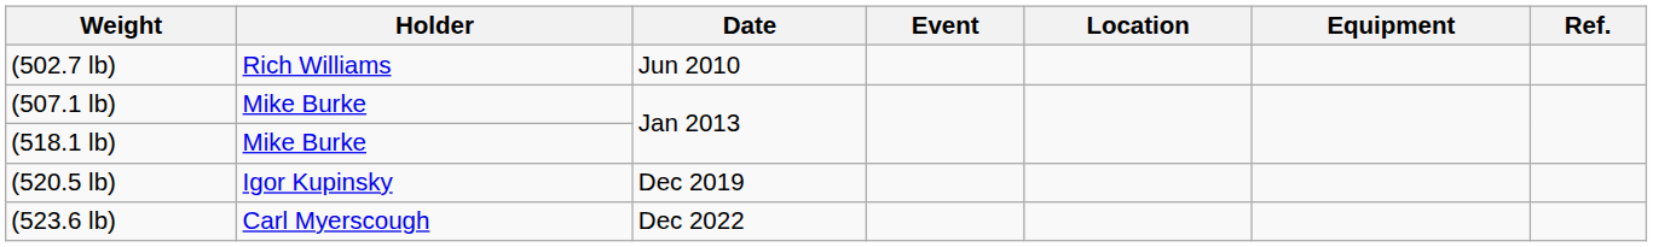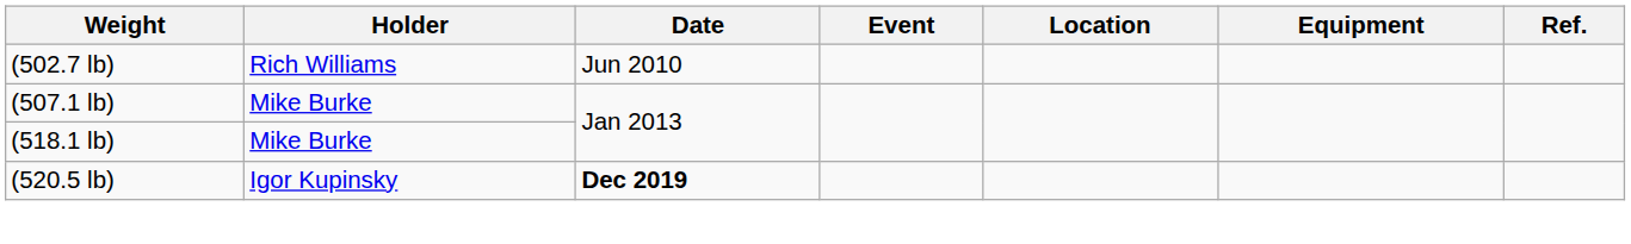 <table class="wikitable sortable" style="display: inline-table;width: 120%;">
 <tr>
 <th scope="col">Weight</th>
 <th scope="col">Holder</th>
 <th scope="col" class="unsortable">Date</th>
 <th scope="col" class="unsortable">Event</th>
 <th scope="col">Location</th>
 <th scope="col" class="unsortable">Equipment</th>
 <th scope="col" class="unsortable">Ref.</th>
 </tr>
 <tr>
 <td> (502.7 lb)</td>
 <td> <a href='#'>Rich Williams</a></td>
 <td>Jun 2010</td>
 <td></td>
 <td></td>
 <td></td>
 <td></td>
 </tr>
 <tr>
 <td> (507.1 lb)</td>
 <td> <a href='#'>Mike Burke</a></td>
 <td rowspan="2">Jan 2013</td>
 <td rowspan="2"></td>
 <td rowspan="2"></td>
 <td rowspan="2"></td>
 <td rowspan="2"></td>
 </tr>
 <tr>
 <td> (518.1 lb)</td>
 <td> <a href='#'>Mike Burke</a></td>
 </tr>
 <tr>
 <td> (520.5 lb)</td>
 <td> <a href='#'>Igor Kupinsky</a></td>
-<td>Dec 2019</td>
-<td></td>
-<td></td>
-<td></td>
-<td></td>
-</tr>
-<tr>
-<td> (523.6 lb)</td>
-<td> <a href='#'>Carl Myerscough</a></td>
-<td>Dec 2022</td>
+<td><strong>Dec 2019</strong></td>
 <td></td>
 <td></td>
 <td></td>
 <td></td>
 </tr>
 </table>
